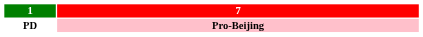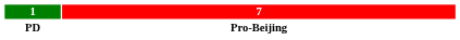 <table style="width:50%; text-align:center;">
 <tr style="color:white;">
 <td style="background:green; width:12.5%;"><strong>1</strong></td>
 <td style="background:red; width:87.5%;"><strong>7</strong></td>
 </tr>
 <tr>
 <td><span><strong>PD</strong></span></td>
-<td style="background: pink;"><span><strong>Pro-Beijing</strong></span></td>
+<td><span><strong>Pro-Beijing</strong></span></td>
 </tr>
 </table>
